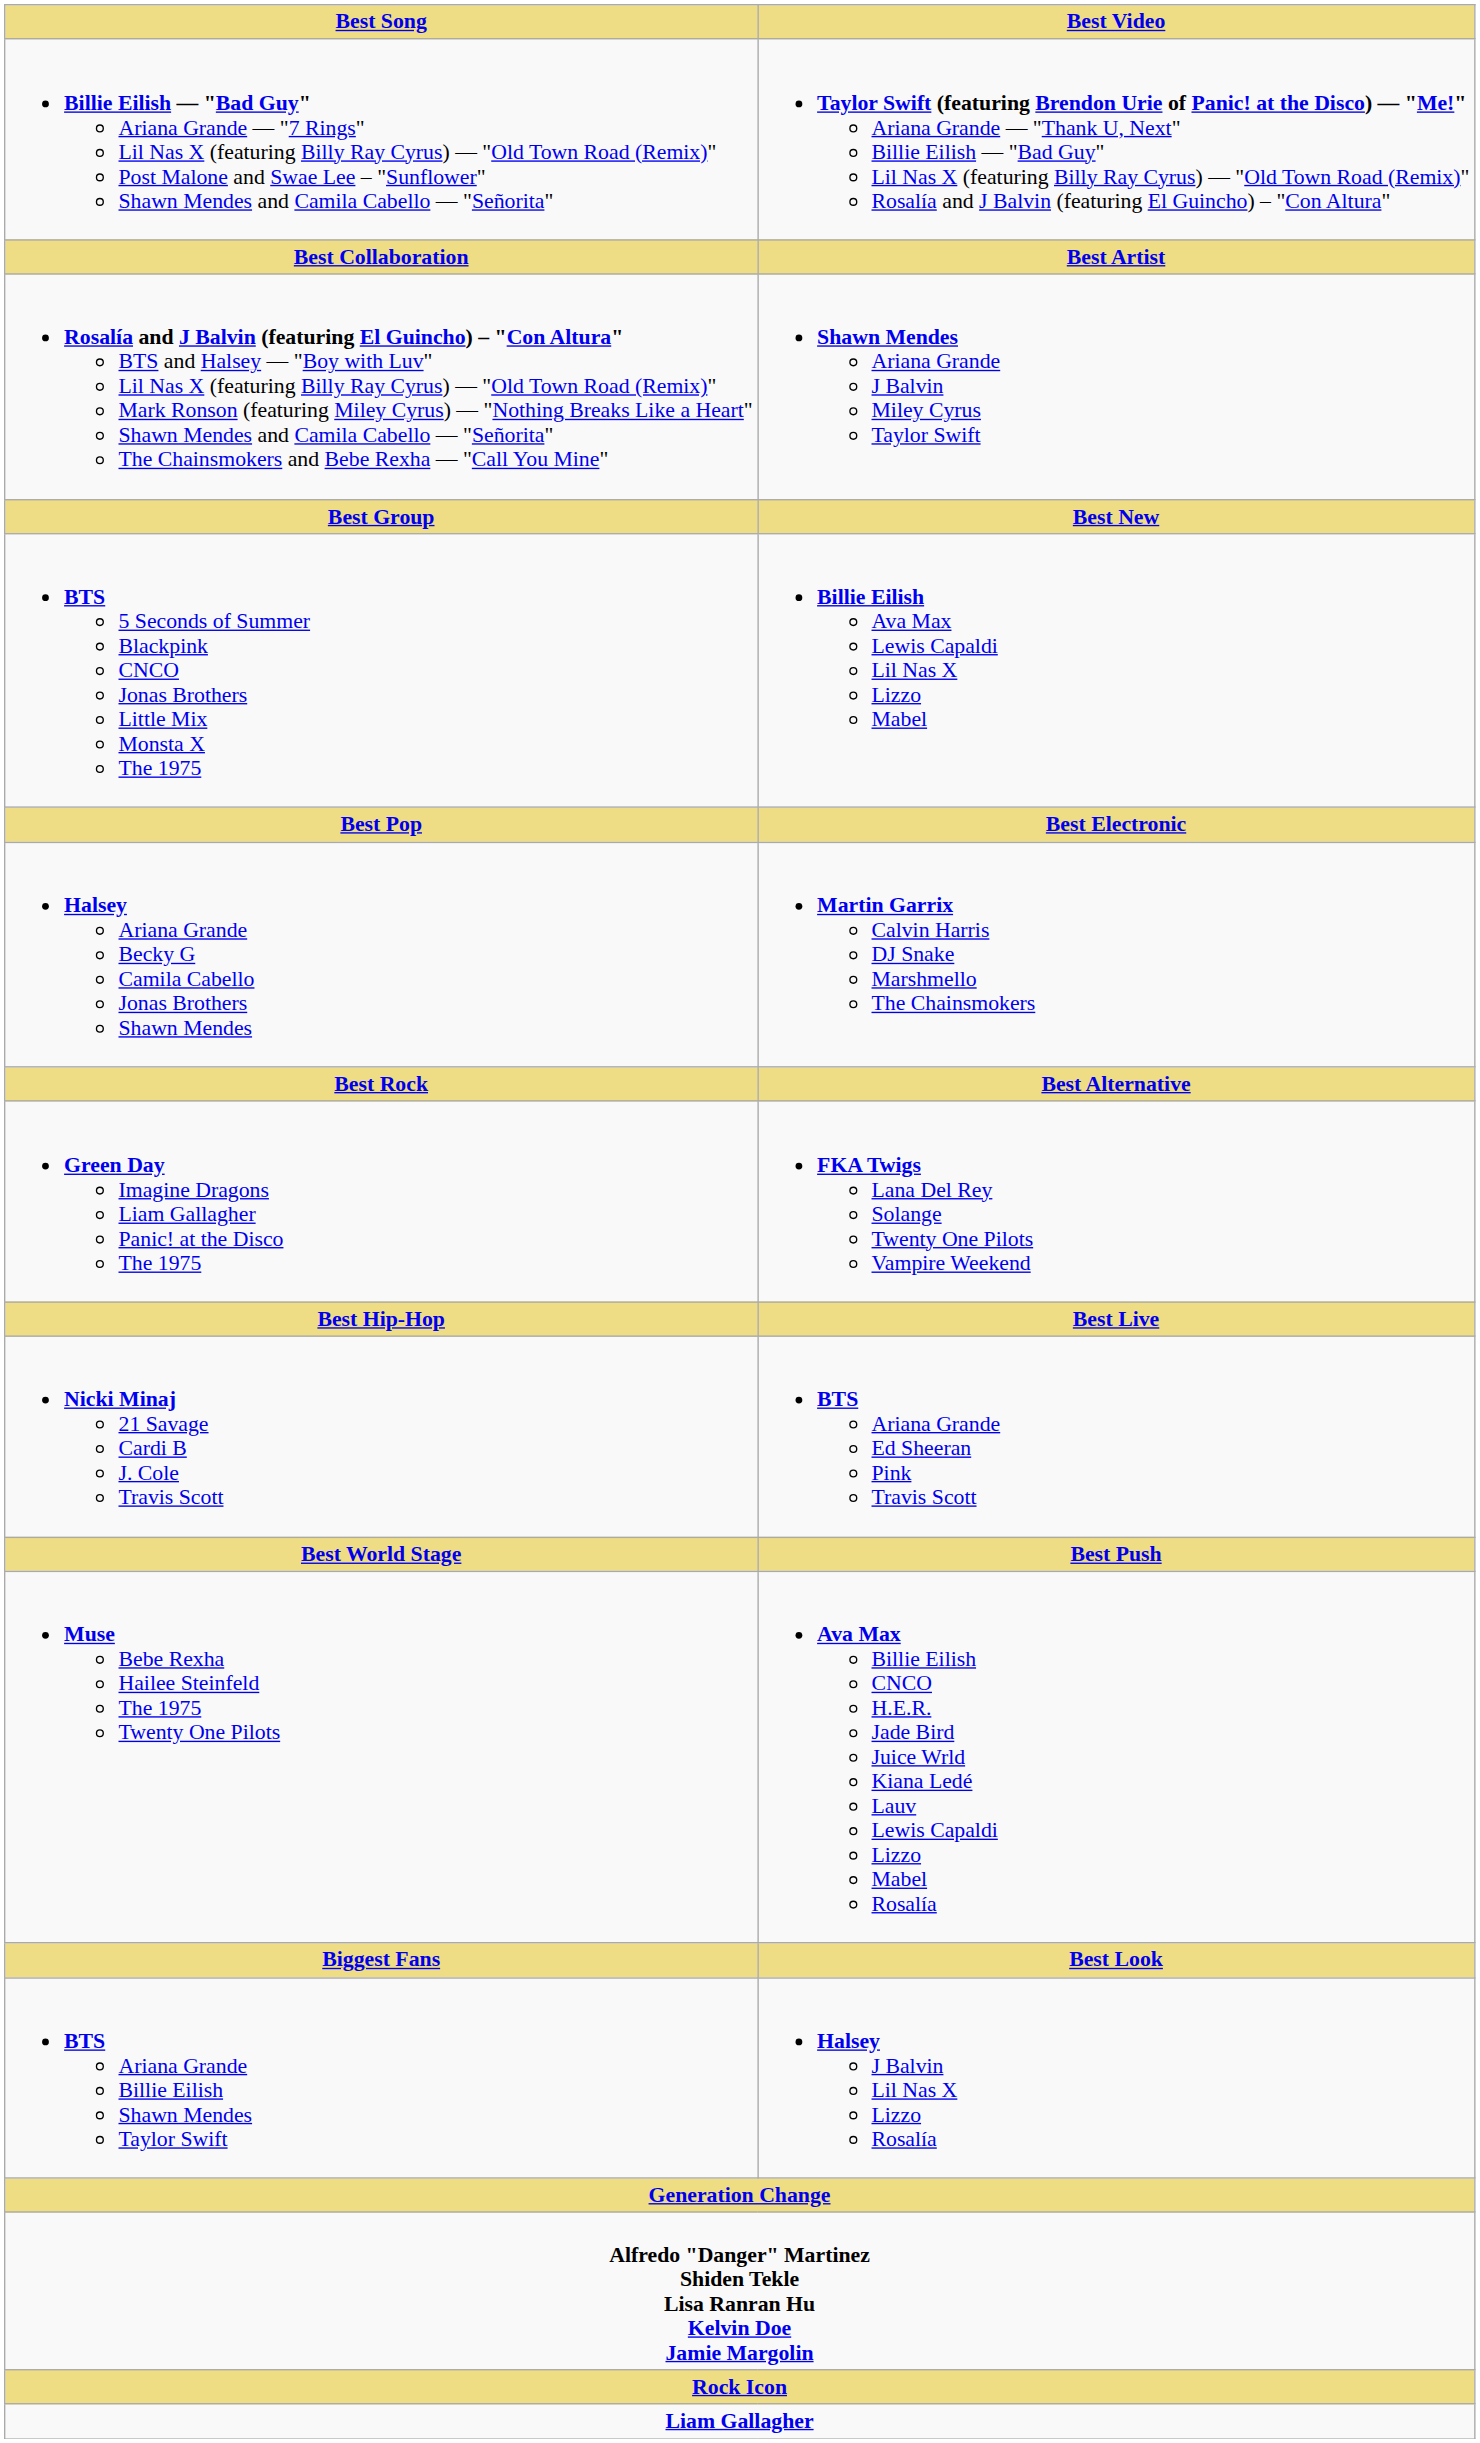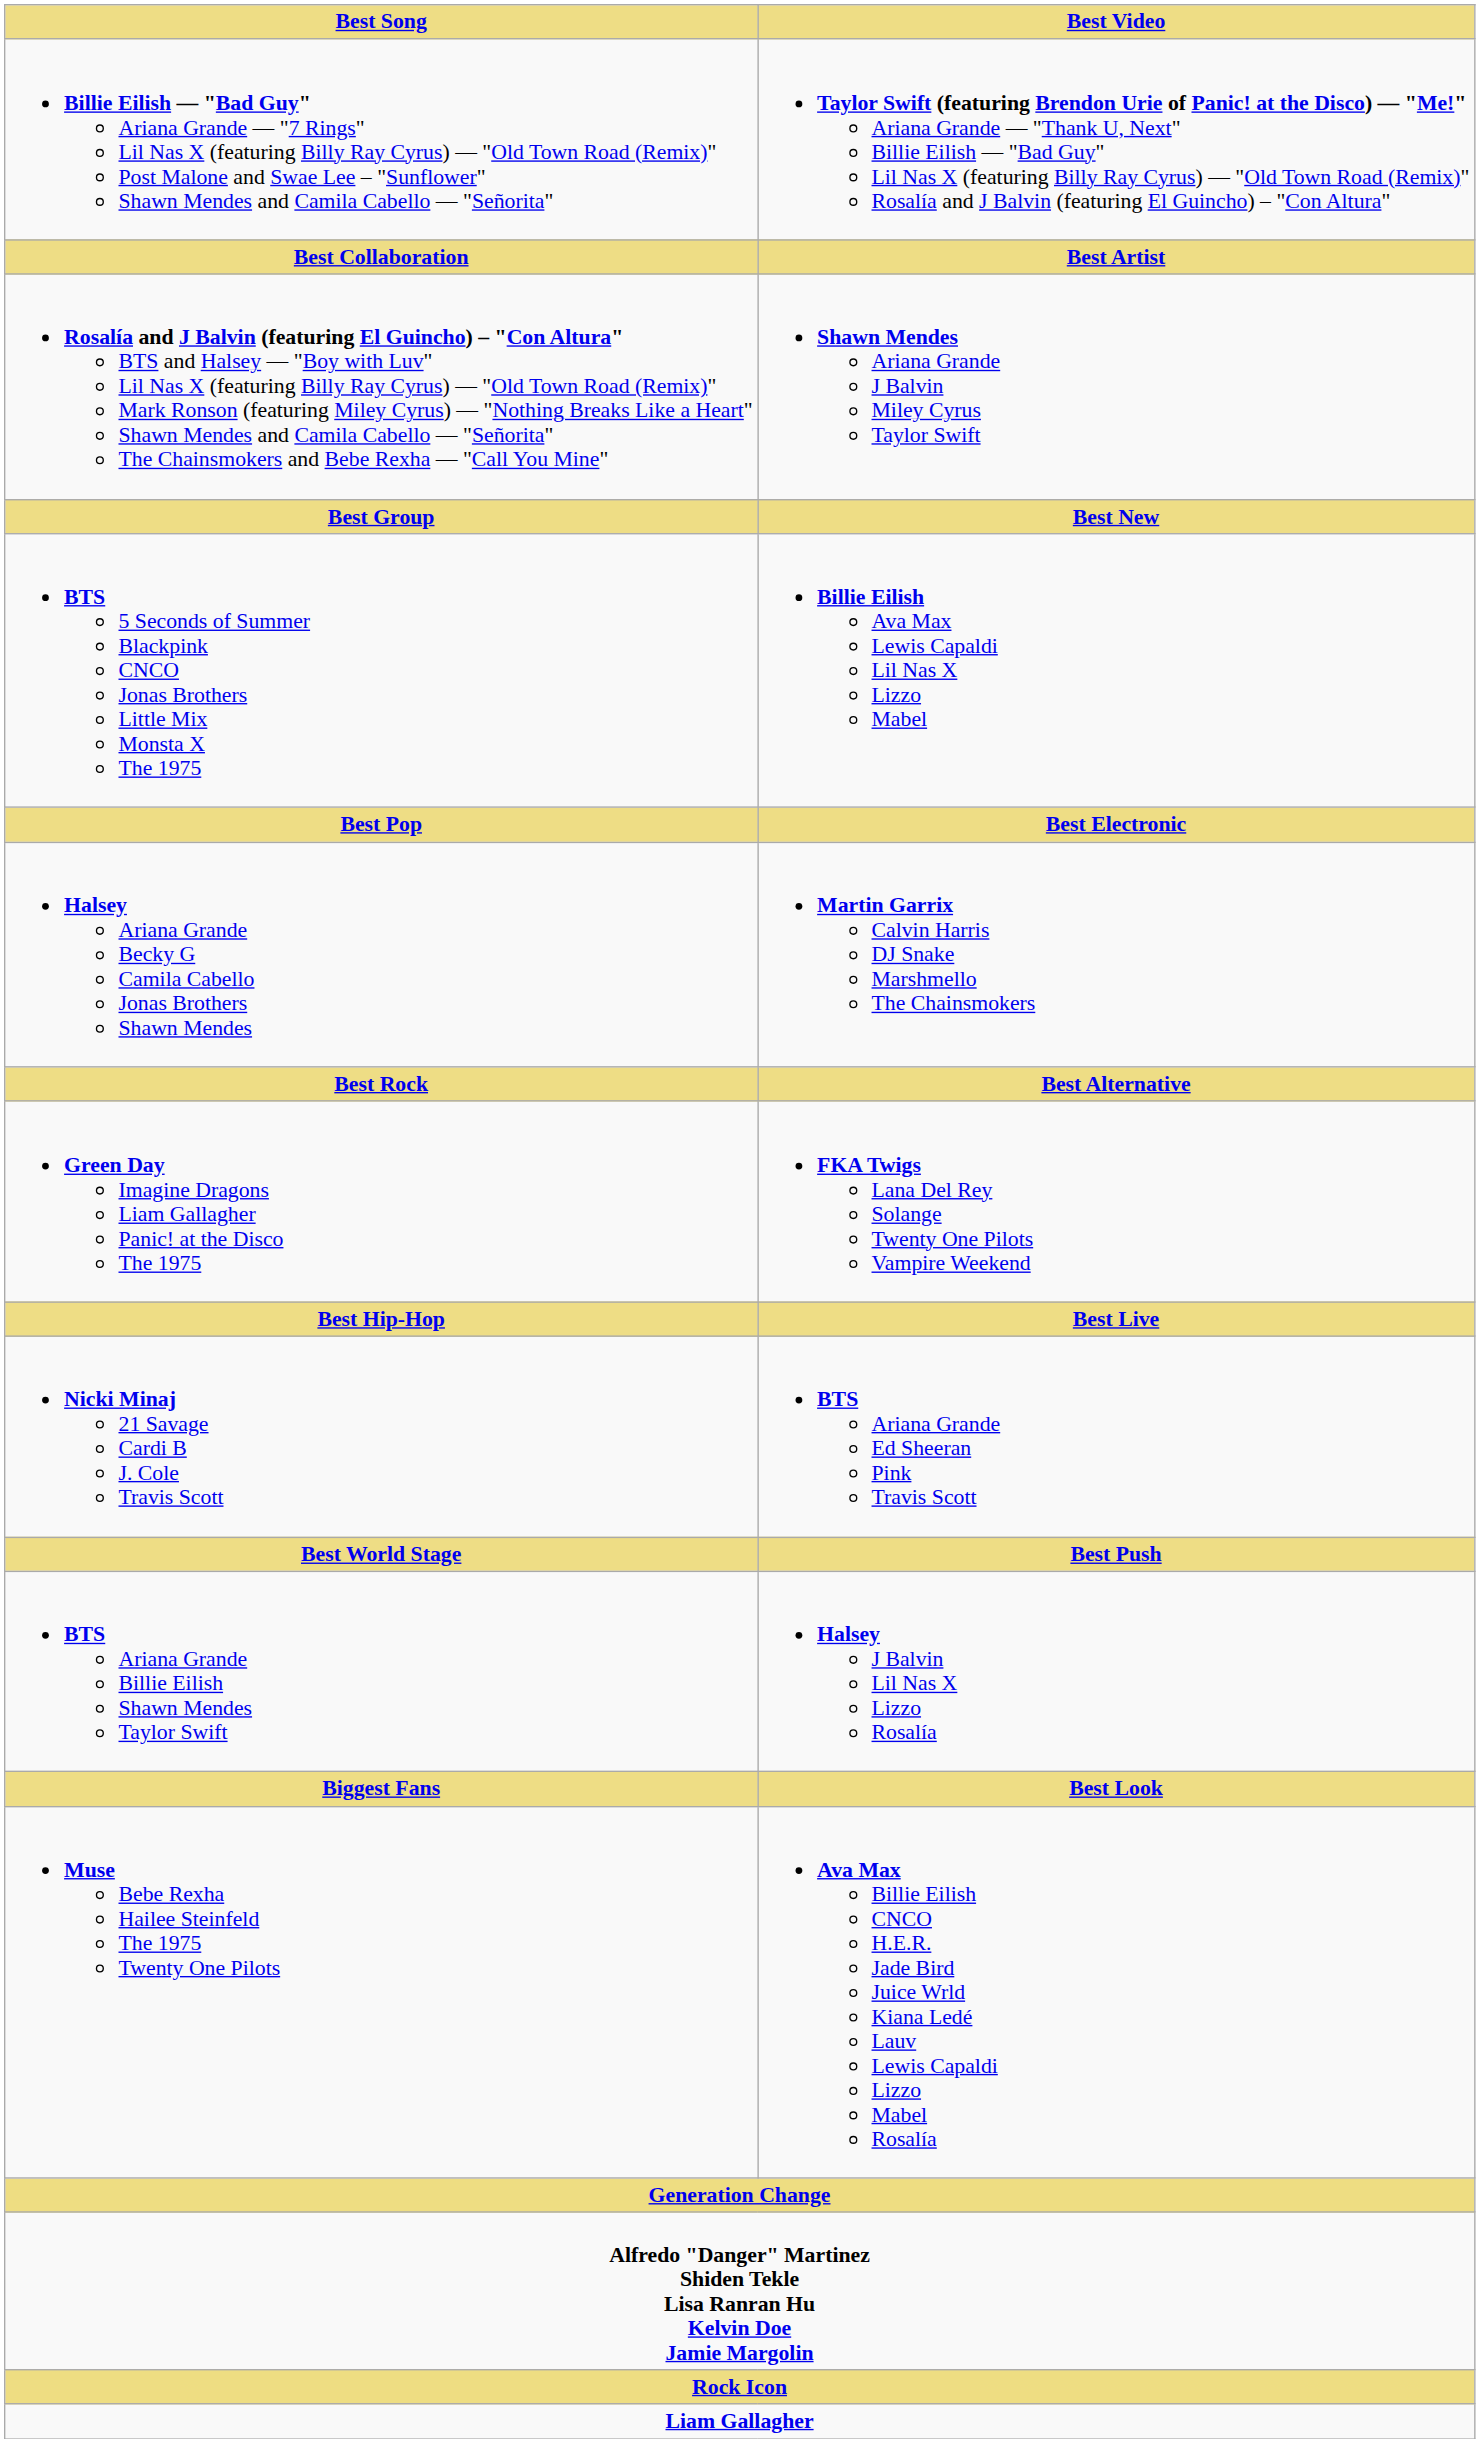 <table class=wikitable style="width="100%">
 <tr>
 <th style="background:#EEDD85; width=50%"><a href='#'>Best Song</a></th>
 <th style="background:#EEDD85; width=50%"><a href='#'>Best Video</a></th>
 </tr>
 <tr>
 <td valign="top"><br><ul><li><strong><a href='#'>Billie Eilish</a> — "<a href='#'>Bad Guy</a>"</strong><ul><li><a href='#'>Ariana Grande</a> — "<a href='#'>7 Rings</a>"</li><li><a href='#'>Lil Nas X</a> (featuring <a href='#'>Billy Ray Cyrus</a>) — "<a href='#'>Old Town Road (Remix)</a>"</li><li><a href='#'>Post Malone</a> and <a href='#'>Swae Lee</a> – "<a href='#'>Sunflower</a>"</li><li><a href='#'>Shawn Mendes</a> and <a href='#'>Camila Cabello</a> — "<a href='#'>Señorita</a>"</li></ul></li></ul></td>
 <td valign="top"><br><ul><li><strong><a href='#'>Taylor Swift</a> (featuring <a href='#'>Brendon Urie</a> of <a href='#'>Panic! at the Disco</a>) — "<a href='#'>Me!</a>"</strong><ul><li><a href='#'>Ariana Grande</a> — "<a href='#'>Thank U, Next</a>"</li><li><a href='#'>Billie Eilish</a> — "<a href='#'>Bad Guy</a>"</li><li><a href='#'>Lil Nas X</a> (featuring <a href='#'>Billy Ray Cyrus</a>) — "<a href='#'>Old Town Road (Remix)</a>"</li><li><a href='#'>Rosalía</a> and <a href='#'>J Balvin</a> (featuring <a href='#'>El Guincho</a>) – "<a href='#'>Con Altura</a>"</li></ul></li></ul></td>
 </tr>
 <tr>
 <th style="background:#EEDD85; width=50%"><a href='#'>Best Collaboration</a></th>
 <th style="background:#EEDD85; width=50%"><a href='#'>Best Artist</a></th>
 </tr>
 <tr>
 <td valign="top"><br><ul><li><strong><a href='#'>Rosalía</a> and <a href='#'>J Balvin</a> (featuring <a href='#'>El Guincho</a>) – "<a href='#'>Con Altura</a>"</strong><ul><li><a href='#'>BTS</a> and <a href='#'>Halsey</a> — "<a href='#'>Boy with Luv</a>"</li><li><a href='#'>Lil Nas X</a> (featuring <a href='#'>Billy Ray Cyrus</a>) — "<a href='#'>Old Town Road (Remix)</a>"</li><li><a href='#'>Mark Ronson</a> (featuring <a href='#'>Miley Cyrus</a>) — "<a href='#'>Nothing Breaks Like a Heart</a>"</li><li><a href='#'>Shawn Mendes</a> and <a href='#'>Camila Cabello</a> — "<a href='#'>Señorita</a>"</li><li><a href='#'>The Chainsmokers</a> and <a href='#'>Bebe Rexha</a> — "<a href='#'>Call You Mine</a>"</li></ul></li></ul></td>
 <td valign="top"><br><ul><li><strong><a href='#'>Shawn Mendes</a></strong><ul><li><a href='#'>Ariana Grande</a></li><li><a href='#'>J Balvin</a></li><li><a href='#'>Miley Cyrus</a></li><li><a href='#'>Taylor Swift</a></li></ul></li></ul></td>
 </tr>
 <tr>
 <th style="background:#EEDD85; width=50%"><a href='#'>Best Group</a></th>
 <th style="background:#EEDD85; width=50%"><a href='#'>Best New</a></th>
 </tr>
 <tr>
 <td valign="top"><br><ul><li><strong><a href='#'>BTS</a></strong><ul><li><a href='#'>5 Seconds of Summer</a></li><li><a href='#'>Blackpink</a></li><li><a href='#'>CNCO</a></li><li><a href='#'>Jonas Brothers</a></li><li><a href='#'>Little Mix</a></li><li><a href='#'>Monsta X</a></li><li><a href='#'>The 1975</a></li></ul></li></ul></td>
 <td valign="top"><br><ul><li><strong><a href='#'>Billie Eilish</a></strong><ul><li><a href='#'>Ava Max</a></li><li><a href='#'>Lewis Capaldi</a></li><li><a href='#'>Lil Nas X</a></li><li><a href='#'>Lizzo</a></li><li><a href='#'>Mabel</a></li></ul></li></ul></td>
 </tr>
 <tr>
 <th style="background:#EEDD85; width=50%"><a href='#'>Best Pop</a></th>
 <th style="background:#EEDD85; width=50%"><a href='#'>Best Electronic</a></th>
 </tr>
 <tr>
 <td valign="top"><br><ul><li><strong><a href='#'>Halsey</a></strong><ul><li><a href='#'>Ariana Grande</a></li><li><a href='#'>Becky G</a></li><li><a href='#'>Camila Cabello</a></li><li><a href='#'>Jonas Brothers</a></li><li><a href='#'>Shawn Mendes</a></li></ul></li></ul></td>
 <td valign="top"><br><ul><li><strong><a href='#'>Martin Garrix</a></strong><ul><li><a href='#'>Calvin Harris</a></li><li><a href='#'>DJ Snake</a></li><li><a href='#'>Marshmello</a></li><li><a href='#'>The Chainsmokers</a></li></ul></li></ul></td>
 </tr>
 <tr>
 <th style="background:#EEDD85; width=50%"><a href='#'>Best Rock</a></th>
 <th style="background:#EEDD85; width=50%"><a href='#'>Best Alternative</a></th>
 </tr>
 <tr>
 <td valign="top"><br><ul><li><strong><a href='#'>Green Day</a></strong><ul><li><a href='#'>Imagine Dragons</a></li><li><a href='#'>Liam Gallagher</a></li><li><a href='#'>Panic! at the Disco</a></li><li><a href='#'>The 1975</a></li></ul></li></ul></td>
 <td valign="top"><br><ul><li><strong><a href='#'>FKA Twigs</a></strong><ul><li><a href='#'>Lana Del Rey</a></li><li><a href='#'>Solange</a></li><li><a href='#'>Twenty One Pilots</a></li><li><a href='#'>Vampire Weekend</a></li></ul></li></ul></td>
 </tr>
 <tr>
 <th style="background:#EEDD85; width=50%"><a href='#'>Best Hip-Hop</a></th>
 <th style="background:#EEDD85; width=50%"><a href='#'>Best Live</a></th>
 </tr>
 <tr>
 <td valign="top"><br><ul><li><strong><a href='#'>Nicki Minaj</a></strong><ul><li><a href='#'>21 Savage</a></li><li><a href='#'>Cardi B</a></li><li><a href='#'>J. Cole</a></li><li><a href='#'>Travis Scott</a></li></ul></li></ul></td>
 <td valign="top"><br><ul><li><strong><a href='#'>BTS</a></strong><ul><li><a href='#'>Ariana Grande</a></li><li><a href='#'>Ed Sheeran</a></li><li><a href='#'>Pink</a></li><li><a href='#'>Travis Scott</a></li></ul></li></ul></td>
 </tr>
 <tr>
 <th style="background:#EEDD85; width=50%"><a href='#'>Best World Stage</a></th>
 <th style="background:#EEDD85; width=50%"><a href='#'>Best Push</a></th>
 </tr>
 <tr>
-<td valign="top"><br><ul><li><strong><a href='#'>Muse</a></strong><ul><li><a href='#'>Bebe Rexha</a></li><li><a href='#'>Hailee Steinfeld</a></li><li><a href='#'>The 1975</a></li><li><a href='#'>Twenty One Pilots</a></li></ul></li></ul></td>
-<td valign="top"><br><ul><li><strong><a href='#'>Ava Max</a></strong><ul><li><a href='#'>Billie Eilish</a></li><li><a href='#'>CNCO</a></li><li><a href='#'>H.E.R.</a></li><li><a href='#'>Jade Bird</a></li><li><a href='#'>Juice Wrld</a></li><li><a href='#'>Kiana Ledé</a></li><li><a href='#'>Lauv</a></li><li><a href='#'>Lewis Capaldi</a></li><li><a href='#'>Lizzo</a></li><li><a href='#'>Mabel</a></li><li><a href='#'>Rosalía</a></li></ul></li></ul></td>
+<td valign="top"><br><ul><li><strong><a href='#'>BTS</a></strong><ul><li><a href='#'>Ariana Grande</a></li><li><a href='#'>Billie Eilish</a></li><li><a href='#'>Shawn Mendes</a></li><li><a href='#'>Taylor Swift</a></li></ul></li></ul></td>
+<td valign="top"><br><ul><li><strong><a href='#'>Halsey</a></strong><ul><li><a href='#'>J Balvin</a></li><li><a href='#'>Lil Nas X</a></li><li><a href='#'>Lizzo</a></li><li><a href='#'>Rosalía</a></li></ul></li></ul></td>
 </tr>
 <tr>
 <th style="background:#EEDD85; width=50%"><a href='#'>Biggest Fans</a></th>
 <th style="background:#EEDD85; width=50%"><a href='#'>Best Look</a></th>
 </tr>
 <tr>
-<td valign="top"><br><ul><li><strong><a href='#'>BTS</a></strong><ul><li><a href='#'>Ariana Grande</a></li><li><a href='#'>Billie Eilish</a></li><li><a href='#'>Shawn Mendes</a></li><li><a href='#'>Taylor Swift</a></li></ul></li></ul></td>
-<td valign="top"><br><ul><li><strong><a href='#'>Halsey</a></strong><ul><li><a href='#'>J Balvin</a></li><li><a href='#'>Lil Nas X</a></li><li><a href='#'>Lizzo</a></li><li><a href='#'>Rosalía</a></li></ul></li></ul></td>
+<td valign="top"><br><ul><li><strong><a href='#'>Muse</a></strong><ul><li><a href='#'>Bebe Rexha</a></li><li><a href='#'>Hailee Steinfeld</a></li><li><a href='#'>The 1975</a></li><li><a href='#'>Twenty One Pilots</a></li></ul></li></ul></td>
+<td valign="top"><br><ul><li><strong><a href='#'>Ava Max</a></strong><ul><li><a href='#'>Billie Eilish</a></li><li><a href='#'>CNCO</a></li><li><a href='#'>H.E.R.</a></li><li><a href='#'>Jade Bird</a></li><li><a href='#'>Juice Wrld</a></li><li><a href='#'>Kiana Ledé</a></li><li><a href='#'>Lauv</a></li><li><a href='#'>Lewis Capaldi</a></li><li><a href='#'>Lizzo</a></li><li><a href='#'>Mabel</a></li><li><a href='#'>Rosalía</a></li></ul></li></ul></td>
 </tr>
 <tr>
 <th style="background:#EEDD82; width=50%" colspan="2"><a href='#'>Generation Change</a></th>
 </tr>
 <tr>
 <td colspan="2" style="text-align: center;"><br><strong>Alfredo "Danger" Martinez</strong><br> <strong>Shiden Tekle</strong><br> <strong>Lisa Ranran Hu</strong><br> <strong><a href='#'>Kelvin Doe</a></strong><br> <strong><a href='#'>Jamie Margolin</a></strong><br></td>
 </tr>
 <tr>
 <th style="background:#EEDD82; width=50%" colspan="2"><a href='#'>Rock Icon</a></th>
 </tr>
 <tr>
 <td colspan="2" style="text-align: center;"><strong><a href='#'>Liam Gallagher</a></strong></td>
 </tr>
 </table>
